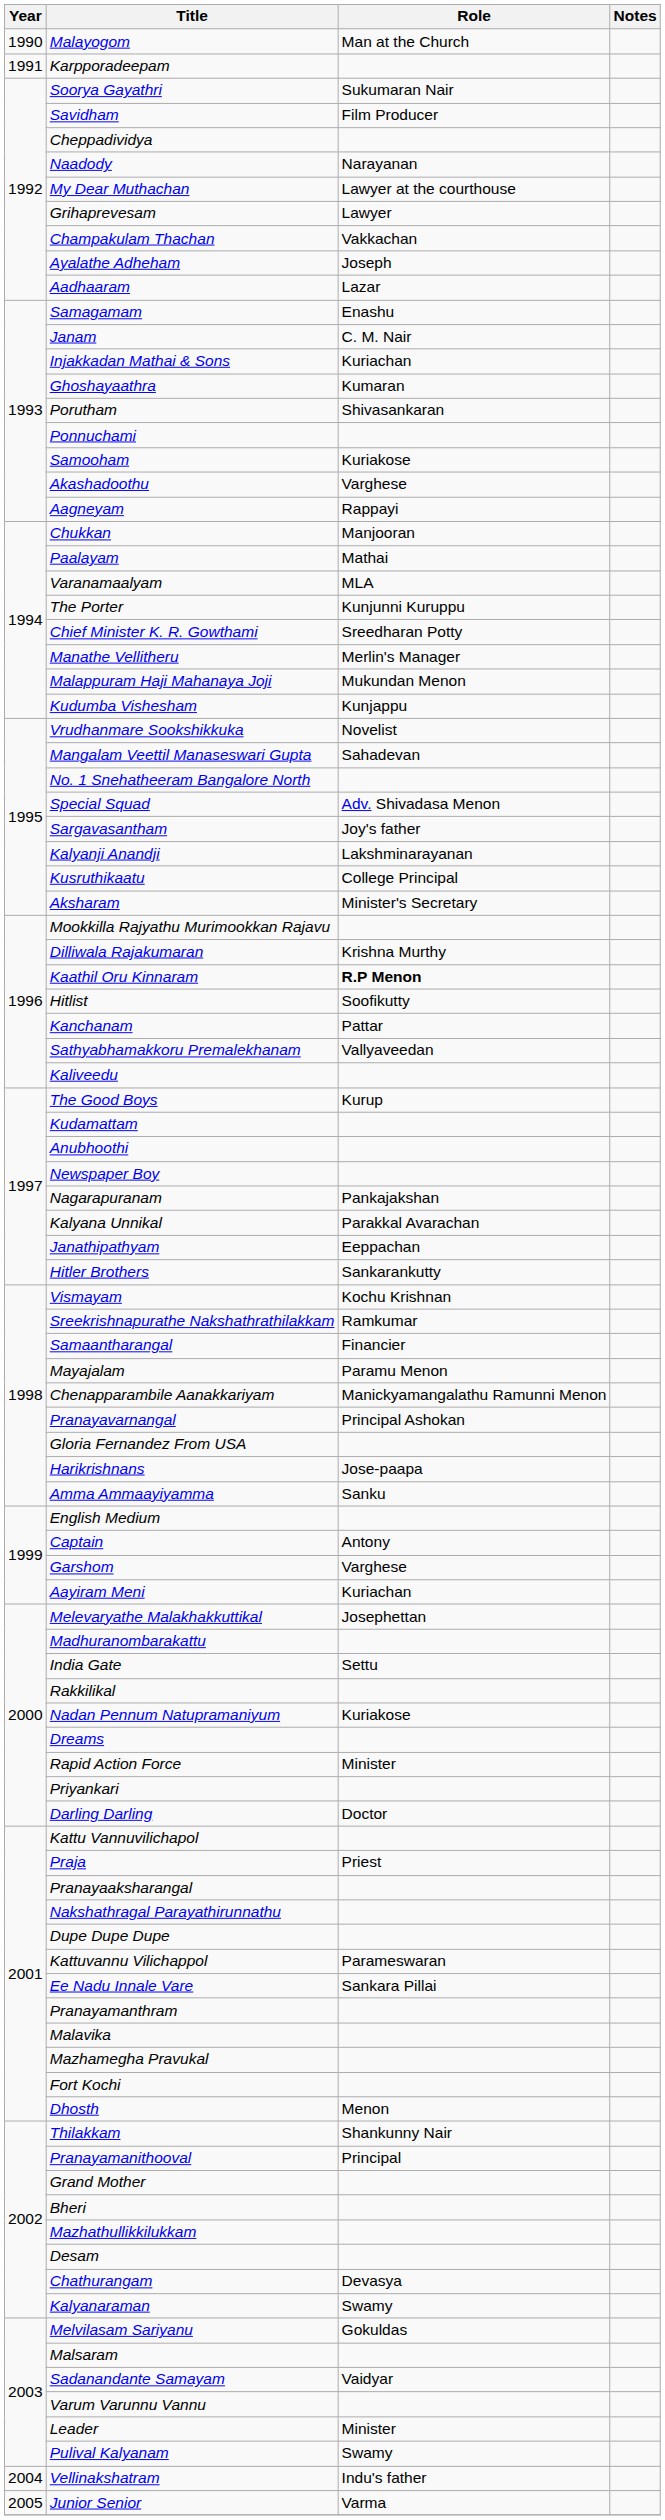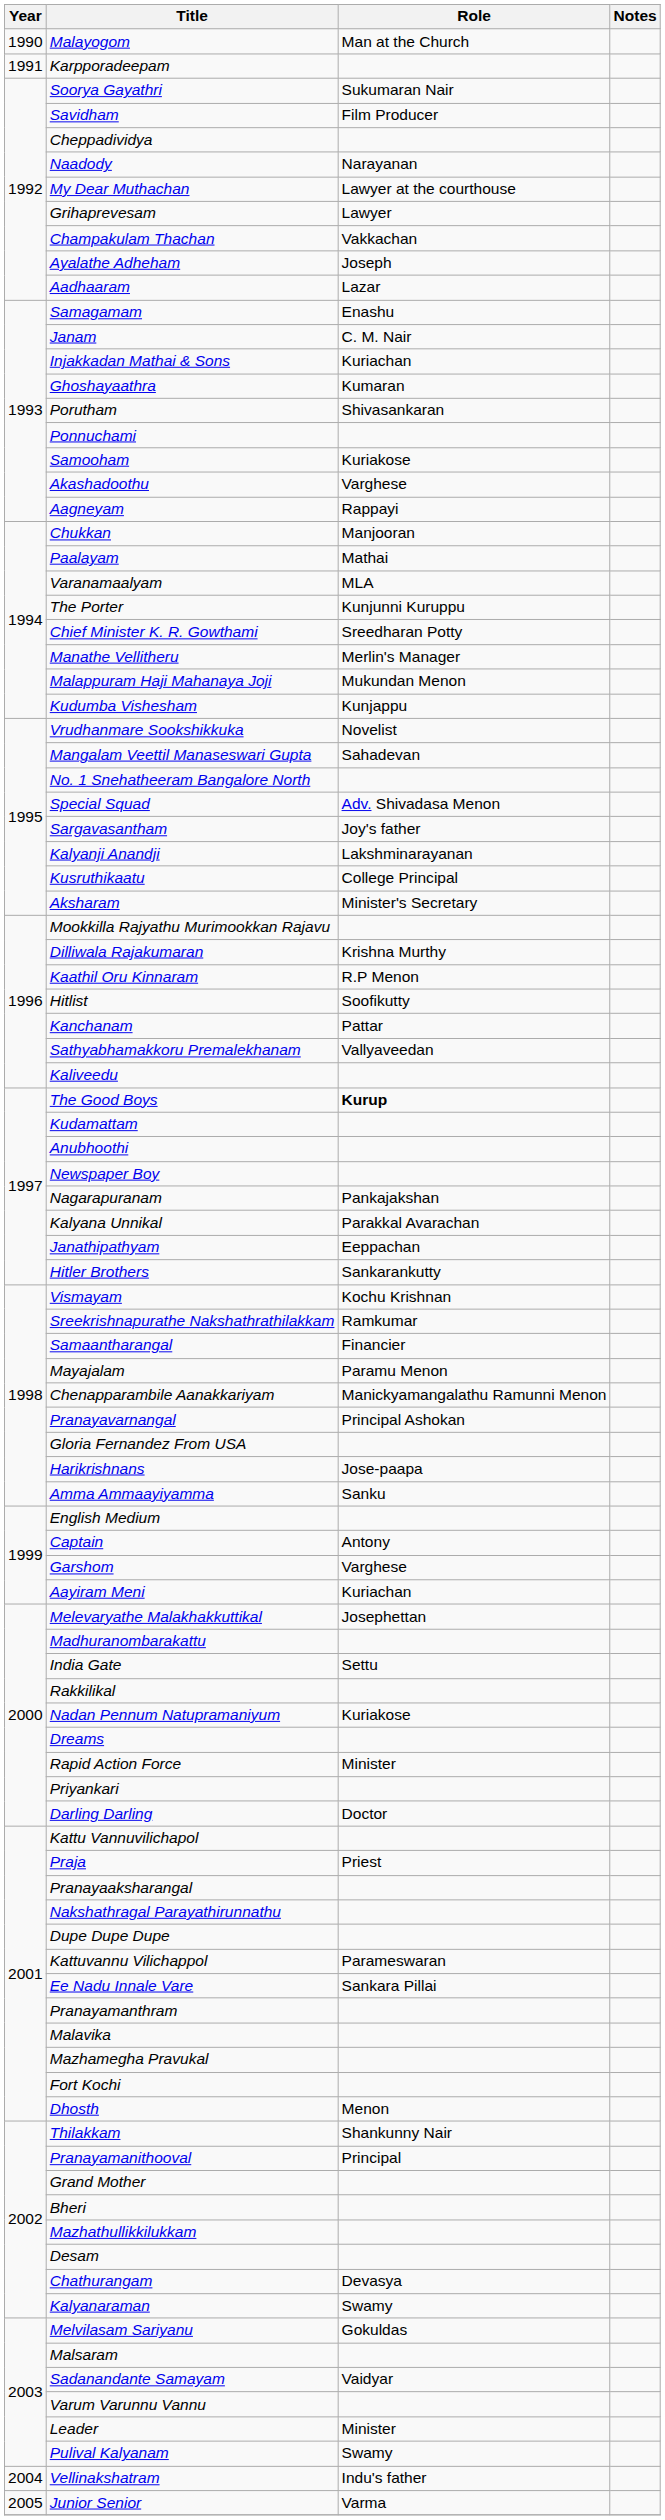 <table class="wikitable sortable">
 <tr>
 <th>Year</th>
 <th>Title</th>
 <th>Role</th>
 <th class="unsortable">Notes</th>
 </tr>
 <tr>
 <td>1990</td>
 <td><em><a href='#'>Malayogom</a></em></td>
 <td>Man at the Church</td>
 <td></td>
 </tr>
 <tr>
 <td>1991</td>
 <td><em>Karpporadeepam</em></td>
 <td></td>
 <td></td>
 </tr>
 <tr>
 <td rowspan=9>1992</td>
 <td><em><a href='#'>Soorya Gayathri</a></em></td>
 <td>Sukumaran Nair</td>
 <td></td>
 </tr>
 <tr>
 <td><em><a href='#'>Savidham</a></em></td>
 <td>Film Producer</td>
 <td></td>
 </tr>
 <tr>
 <td><em>Cheppadividya</em></td>
 <td></td>
 <td></td>
 </tr>
 <tr>
 <td><em><a href='#'>Naadody</a></em></td>
 <td>Narayanan</td>
 <td></td>
 </tr>
 <tr>
 <td><em><a href='#'>My Dear Muthachan</a></em></td>
 <td>Lawyer at the courthouse</td>
 <td></td>
 </tr>
 <tr>
 <td><em>Grihaprevesam</em></td>
 <td>Lawyer</td>
 <td></td>
 </tr>
 <tr>
 <td><em><a href='#'>Champakulam Thachan</a></em></td>
 <td>Vakkachan</td>
 <td></td>
 </tr>
 <tr>
 <td><em><a href='#'>Ayalathe Adheham</a></em></td>
 <td>Joseph</td>
 <td></td>
 </tr>
 <tr>
 <td><em><a href='#'>Aadhaaram</a></em></td>
 <td>Lazar</td>
 <td></td>
 </tr>
 <tr>
 <td rowspan=9>1993</td>
 <td><em><a href='#'>Samagamam</a></em></td>
 <td>Enashu</td>
 <td></td>
 </tr>
 <tr>
 <td><em><a href='#'>Janam</a></em></td>
 <td>C. M. Nair</td>
 <td></td>
 </tr>
 <tr>
 <td><em><a href='#'>Injakkadan Mathai & Sons</a></em></td>
 <td>Kuriachan</td>
 <td></td>
 </tr>
 <tr>
 <td><em><a href='#'>Ghoshayaathra</a></em></td>
 <td>Kumaran</td>
 <td></td>
 </tr>
 <tr>
 <td><em>Porutham</em></td>
 <td>Shivasankaran</td>
 <td></td>
 </tr>
 <tr>
 <td><em><a href='#'>Ponnuchami</a></em></td>
 <td></td>
 <td></td>
 </tr>
 <tr>
 <td><em><a href='#'>Samooham</a></em></td>
 <td>Kuriakose</td>
 <td></td>
 </tr>
 <tr>
 <td><em><a href='#'>Akashadoothu</a></em></td>
 <td>Varghese</td>
 <td></td>
 </tr>
 <tr>
 <td><em><a href='#'>Aagneyam</a></em></td>
 <td>Rappayi</td>
 <td></td>
 </tr>
 <tr>
 <td rowspan=8>1994</td>
 <td><em><a href='#'>Chukkan</a></em></td>
 <td>Manjooran</td>
 <td></td>
 </tr>
 <tr>
 <td><em><a href='#'>Paalayam</a></em></td>
 <td>Mathai</td>
 <td></td>
 </tr>
 <tr>
 <td><em>Varanamaalyam</em></td>
 <td>MLA</td>
 <td></td>
 </tr>
 <tr>
 <td><em>The Porter</em></td>
 <td>Kunjunni Kuruppu</td>
 <td></td>
 </tr>
 <tr>
 <td><em><a href='#'>Chief Minister K. R. Gowthami</a></em></td>
 <td>Sreedharan Potty</td>
 <td></td>
 </tr>
 <tr>
 <td><em><a href='#'>Manathe Vellitheru</a></em></td>
 <td>Merlin's Manager</td>
 <td></td>
 </tr>
 <tr>
 <td><em><a href='#'>Malappuram Haji Mahanaya Joji</a></em></td>
 <td>Mukundan Menon</td>
 <td></td>
 </tr>
 <tr>
 <td><em><a href='#'>Kudumba Vishesham</a></em></td>
 <td>Kunjappu</td>
 <td></td>
 </tr>
 <tr>
 <td rowspan=8>1995</td>
 <td><em><a href='#'>Vrudhanmare Sookshikkuka</a></em></td>
 <td>Novelist</td>
 <td></td>
 </tr>
 <tr>
 <td><em><a href='#'>Mangalam Veettil Manaseswari Gupta</a></em></td>
 <td>Sahadevan</td>
 <td></td>
 </tr>
 <tr>
 <td><em><a href='#'>No. 1 Snehatheeram Bangalore North</a></em></td>
 <td></td>
 <td></td>
 </tr>
 <tr>
 <td><em><a href='#'>Special Squad</a></em></td>
 <td><a href='#'>Adv.</a> Shivadasa Menon</td>
 <td></td>
 </tr>
 <tr>
 <td><em><a href='#'>Sargavasantham</a></em></td>
 <td>Joy's father</td>
 <td></td>
 </tr>
 <tr>
 <td><em><a href='#'>Kalyanji Anandji</a></em></td>
 <td>Lakshminarayanan</td>
 <td></td>
 </tr>
 <tr>
 <td><em><a href='#'>Kusruthikaatu</a></em></td>
 <td>College Principal</td>
 <td></td>
 </tr>
 <tr>
 <td><em><a href='#'>Aksharam</a></em></td>
 <td>Minister's Secretary</td>
 <td></td>
 </tr>
 <tr>
 <td rowspan=7>1996</td>
 <td><em>Mookkilla Rajyathu Murimookkan Rajavu</em></td>
 <td></td>
 <td></td>
 </tr>
 <tr>
 <td><em><a href='#'>Dilliwala Rajakumaran</a></em></td>
 <td>Krishna Murthy</td>
 <td></td>
 </tr>
 <tr>
 <td><em><a href='#'>Kaathil Oru Kinnaram</a></em></td>
-<td><strong>R.P Menon</strong></td>
+<td>R.P Menon</td>
 <td></td>
 </tr>
 <tr>
 <td><em>Hitlist</em></td>
 <td>Soofikutty</td>
 <td></td>
 </tr>
 <tr>
 <td><em><a href='#'>Kanchanam</a></em></td>
 <td>Pattar</td>
 <td></td>
 </tr>
 <tr>
 <td><em><a href='#'>Sathyabhamakkoru Premalekhanam</a></em></td>
 <td>Vallyaveedan</td>
 <td></td>
 </tr>
 <tr>
 <td><em><a href='#'>Kaliveedu</a></em></td>
 <td></td>
 <td></td>
 </tr>
 <tr>
 <td rowspan=8>1997</td>
 <td><em><a href='#'>The Good Boys</a></em></td>
-<td>Kurup</td>
+<td><strong>Kurup</strong></td>
 <td></td>
 </tr>
 <tr>
 <td><em><a href='#'>Kudamattam</a></em></td>
 <td></td>
 <td></td>
 </tr>
 <tr>
 <td><em><a href='#'>Anubhoothi</a></em></td>
 <td></td>
 <td></td>
 </tr>
 <tr>
 <td><em><a href='#'>Newspaper Boy</a></em></td>
 <td></td>
 <td></td>
 </tr>
 <tr>
 <td><em>Nagarapuranam</em></td>
 <td>Pankajakshan</td>
 <td></td>
 </tr>
 <tr>
 <td><em>Kalyana Unnikal</em></td>
 <td>Parakkal Avarachan</td>
 <td></td>
 </tr>
 <tr>
 <td><em><a href='#'>Janathipathyam</a></em></td>
 <td>Eeppachan</td>
 <td></td>
 </tr>
 <tr>
 <td><em><a href='#'>Hitler Brothers</a></em></td>
 <td>Sankarankutty</td>
 <td></td>
 </tr>
 <tr>
 <td rowspan=9>1998</td>
 <td><em><a href='#'>Vismayam</a></em></td>
 <td>Kochu Krishnan</td>
 <td></td>
 </tr>
 <tr>
 <td><em><a href='#'>Sreekrishnapurathe Nakshathrathilakkam</a></em></td>
 <td>Ramkumar</td>
 <td></td>
 </tr>
 <tr>
 <td><em><a href='#'>Samaantharangal</a></em></td>
 <td>Financier</td>
 <td></td>
 </tr>
 <tr>
 <td><em>Mayajalam</em></td>
 <td>Paramu Menon</td>
 <td></td>
 </tr>
 <tr>
 <td><em>Chenapparambile Aanakkariyam</em></td>
 <td>Manickyamangalathu Ramunni Menon</td>
 <td></td>
 </tr>
 <tr>
 <td><em><a href='#'>Pranayavarnangal</a></em></td>
 <td>Principal Ashokan</td>
 <td></td>
 </tr>
 <tr>
 <td><em>Gloria Fernandez From USA</em></td>
 <td></td>
 <td></td>
 </tr>
 <tr>
 <td><em><a href='#'>Harikrishnans</a></em></td>
 <td>Jose-paapa</td>
 <td></td>
 </tr>
 <tr>
 <td><em><a href='#'>Amma Ammaayiyamma</a></em></td>
 <td>Sanku</td>
 <td></td>
 </tr>
 <tr>
 <td rowspan=4>1999</td>
 <td><em>English Medium</em></td>
 <td></td>
 <td></td>
 </tr>
 <tr>
 <td><em><a href='#'>Captain</a></em></td>
 <td>Antony</td>
 <td></td>
 </tr>
 <tr>
 <td><em><a href='#'>Garshom</a></em></td>
 <td>Varghese</td>
 <td></td>
 </tr>
 <tr>
 <td><em><a href='#'>Aayiram Meni</a></em></td>
 <td>Kuriachan</td>
 <td></td>
 </tr>
 <tr>
 <td rowspan=9>2000</td>
 <td><em><a href='#'>Melevaryathe Malakhakkuttikal</a></em></td>
 <td>Josephettan</td>
 <td></td>
 </tr>
 <tr>
 <td><em><a href='#'>Madhuranombarakattu</a></em></td>
 <td></td>
 <td></td>
 </tr>
 <tr>
 <td><em>India Gate</em></td>
 <td>Settu</td>
 <td></td>
 </tr>
 <tr>
 <td><em>Rakkilikal</em></td>
 <td></td>
 <td></td>
 </tr>
 <tr>
 <td><em><a href='#'>Nadan Pennum Natupramaniyum</a></em></td>
 <td>Kuriakose</td>
 <td></td>
 </tr>
 <tr>
 <td><em><a href='#'>Dreams</a></em></td>
 <td></td>
 <td></td>
 </tr>
 <tr>
 <td><em>Rapid Action Force</em></td>
 <td>Minister</td>
 <td></td>
 </tr>
 <tr>
 <td><em>Priyankari</em></td>
 <td></td>
 <td></td>
 </tr>
 <tr>
 <td><em><a href='#'>Darling Darling</a></em></td>
 <td>Doctor</td>
 <td></td>
 </tr>
 <tr>
 <td rowspan=12>2001</td>
 <td><em>Kattu Vannuvilichapol</em></td>
 <td></td>
 <td></td>
 </tr>
 <tr>
 <td><em><a href='#'>Praja</a></em></td>
 <td>Priest</td>
 <td></td>
 </tr>
 <tr>
 <td><em>Pranayaaksharangal</em></td>
 <td></td>
 <td></td>
 </tr>
 <tr>
 <td><em><a href='#'>Nakshathragal Parayathirunnathu</a></em></td>
 <td></td>
 <td></td>
 </tr>
 <tr>
 <td><em>Dupe Dupe Dupe</em></td>
 <td></td>
 <td></td>
 </tr>
 <tr>
 <td><em>Kattuvannu Vilichappol</em></td>
 <td>Parameswaran</td>
 <td></td>
 </tr>
 <tr>
 <td><em><a href='#'>Ee Nadu Innale Vare</a></em></td>
 <td>Sankara Pillai</td>
 <td></td>
 </tr>
 <tr>
 <td><em>Pranayamanthram</em></td>
 <td></td>
 <td></td>
 </tr>
 <tr>
 <td><em>Malavika</em></td>
 <td></td>
 <td></td>
 </tr>
 <tr>
 <td><em>Mazhamegha Pravukal</em></td>
 <td></td>
 <td></td>
 </tr>
 <tr>
 <td><em>Fort Kochi</em></td>
 <td></td>
 <td></td>
 </tr>
 <tr>
 <td><em><a href='#'>Dhosth</a></em></td>
 <td>Menon</td>
 <td></td>
 </tr>
 <tr>
 <td rowspan=8>2002</td>
 <td><em><a href='#'>Thilakkam</a></em></td>
 <td>Shankunny Nair</td>
 <td></td>
 </tr>
 <tr>
 <td><em><a href='#'>Pranayamanithooval</a></em></td>
 <td>Principal</td>
 <td></td>
 </tr>
 <tr>
 <td><em>Grand Mother</em></td>
 <td></td>
 <td></td>
 </tr>
 <tr>
 <td><em>Bheri</em></td>
 <td></td>
 <td></td>
 </tr>
 <tr>
 <td><em><a href='#'>Mazhathullikkilukkam</a></em></td>
 <td></td>
 <td></td>
 </tr>
 <tr>
 <td><em>Desam</em></td>
 <td></td>
 <td></td>
 </tr>
 <tr>
 <td><em><a href='#'>Chathurangam</a></em></td>
 <td>Devasya</td>
 <td></td>
 </tr>
 <tr>
 <td><em><a href='#'>Kalyanaraman</a></em></td>
 <td>Swamy</td>
 <td></td>
 </tr>
 <tr>
 <td rowspan=6>2003</td>
 <td><em><a href='#'>Melvilasam Sariyanu</a></em></td>
 <td>Gokuldas</td>
 <td></td>
 </tr>
 <tr>
 <td><em>Malsaram</em></td>
 <td></td>
 <td></td>
 </tr>
 <tr>
 <td><em><a href='#'>Sadanandante Samayam</a></em></td>
 <td>Vaidyar</td>
 <td></td>
 </tr>
 <tr>
 <td><em>Varum Varunnu Vannu</em></td>
 <td></td>
 <td></td>
 </tr>
 <tr>
 <td><em>Leader</em></td>
 <td>Minister</td>
 <td></td>
 </tr>
 <tr>
 <td><em><a href='#'>Pulival Kalyanam</a></em></td>
 <td>Swamy</td>
 <td></td>
 </tr>
 <tr>
 <td>2004</td>
 <td><em><a href='#'>Vellinakshatram</a></em></td>
 <td>Indu's father</td>
 <td></td>
 </tr>
 <tr>
 <td>2005</td>
 <td><em><a href='#'>Junior Senior</a></em></td>
 <td>Varma</td>
 <td></td>
 </tr>
 <tr>
 </tr>
 </table>
